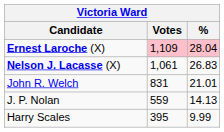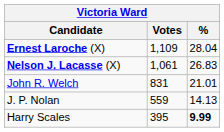 <table class="wikitable">
 <tr>
 <th colspan="3"><a href='#'>Victoria Ward</a></th>
 </tr>
 <tr>
 <th style="width: 200px">Candidate</th>
 <th style="width: 50px">Votes</th>
 <th style="width: 40px">%</th>
 </tr>
 <tr>
 <td><strong><a href='#'>Ernest Laroche</a></strong> (X)</td>
-<td style="background: pink;">1,109</td>
-<td style="background: pink;">28.04</td>
+<td>1,109</td>
+<td>28.04</td>
 </tr>
 <tr>
 <td><strong><a href='#'>Nelson J. Lacasse</a></strong> (X)</td>
 <td>1,061</td>
 <td>26.83</td>
 </tr>
 <tr>
 <td><a href='#'>John R. Welch</a></td>
 <td>831</td>
 <td>21.01</td>
 </tr>
 <tr>
 <td>J. P. Nolan</td>
 <td>559</td>
 <td>14.13</td>
 </tr>
 <tr>
 <td>Harry Scales</td>
 <td>395</td>
-<td>9.99</td>
+<td><strong>9.99</strong></td>
 </tr>
 </table>
